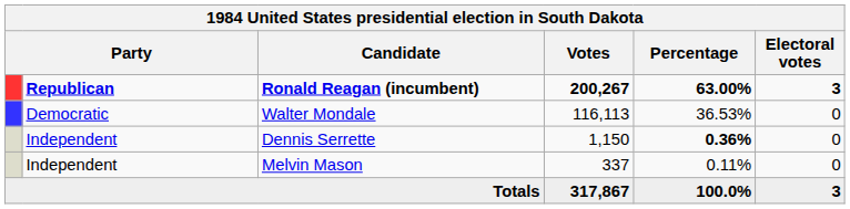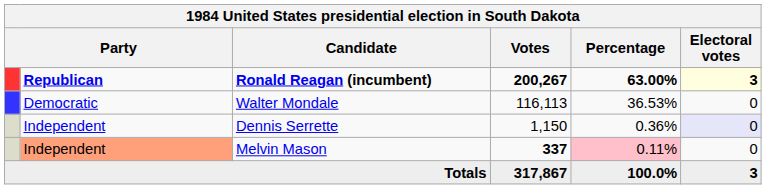 <table class="wikitable" style="font-size: 95%;">
 <tr>
 <th colspan="6">1984 United States presidential election in South Dakota</th>
 </tr>
 <tr>
 <th colspan="2" style="width: 15em">Party</th>
 <th style="width: 17em">Candidate</th>
 <th style="width: 5em">Votes</th>
 <th style="width: 7em">Percentage</th>
 <th style="width: 5em">Electoral votes</th>
 </tr>
 <tr>
 <th style="background:#f33; width:3px;"></th>
 <td style="width: 130px"><strong><a href='#'>Republican</a></strong></td>
 <td><strong><a href='#'>Ronald Reagan</a> (incumbent)</strong></td>
 <td style="text-align:right;"><strong>200,267</strong></td>
 <td style="text-align:right;"><strong>63.00%</strong></td>
-<td style="text-align:right;"><strong>3</strong></td>
+<td style="background: lightyellow; text-align:right;"><strong>3</strong></td>
 </tr>
 <tr>
 <th style="background:#33f; width:3px;"></th>
 <td style="width: 130px"><a href='#'>Democratic</a></td>
 <td><a href='#'>Walter Mondale</a></td>
 <td style="text-align:right;">116,113</td>
 <td style="text-align:right;">36.53%</td>
 <td style="text-align:right;">0</td>
 </tr>
 <tr>
 <th style="background: #DDDDCC; width:3px;"></th>
 <td style="width: 130px"><a href='#'>Independent</a></td>
 <td><a href='#'>Dennis Serrette</a></td>
 <td style="text-align:right;">1,150</td>
-<td style="text-align:right;"><strong>0.36%</strong></td>
-<td style="text-align:right;">0</td>
+<td style="text-align:right;">0.36%</td>
+<td style="background: lavender; text-align:right;">0</td>
 </tr>
 <tr>
 <th style="background: #DDDDCC; width:3px;"></th>
-<td style="width: 130px">Independent</td>
+<td style="background: lightsalmon; width: 130px">Independent</td>
 <td><a href='#'>Melvin Mason</a></td>
-<td style="text-align:right;">337</td>
-<td style="text-align:right;">0.11%</td>
+<td style="text-align:right;"><strong>337</strong></td>
+<td style="background: pink; text-align:right;">0.11%</td>
 <td style="text-align:right;">0</td>
 </tr>
 <tr style="background:#eee; text-align:right;">
 <td colspan="3"><strong>Totals</strong></td>
 <td><strong>317,867</strong></td>
 <td><strong>100.0%</strong></td>
 <td><strong>3</strong></td>
 </tr>
 </table>
